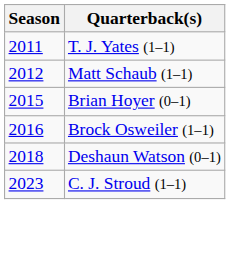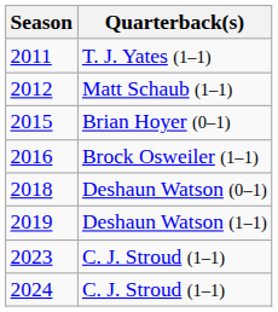 <table class="wikitable">
 <tr>
 <th>Season</th>
 <th>Quarterback(s)</th>
 </tr>
 <tr>
 <td><a href='#'>2011</a></td>
 <td><a href='#'>T. J. Yates</a> <small>(1–1)</small></td>
 </tr>
 <tr>
 <td><a href='#'>2012</a></td>
 <td><a href='#'>Matt Schaub</a> <small>(1–1)</small></td>
 </tr>
 <tr>
 <td><a href='#'>2015</a></td>
 <td><a href='#'>Brian Hoyer</a> <small>(0–1)</small></td>
 </tr>
 <tr>
 <td><a href='#'>2016</a></td>
 <td><a href='#'>Brock Osweiler</a> <small>(1–1)</small></td>
 </tr>
 <tr>
 <td><a href='#'>2018</a></td>
 <td><a href='#'>Deshaun Watson</a> <small>(0–1)</small></td>
 </tr>
 <tr>
+<td><a href='#'>2019</a></td>
+<td><a href='#'>Deshaun Watson</a> <small>(1–1)</small></td>
+</tr>
+<tr>
 <td><a href='#'>2023</a></td>
 <td><a href='#'>C. J. Stroud</a> <small>(1–1)</small></td>
 </tr>
+<tr>
+<td><a href='#'>2024</a></td>
+<td><a href='#'>C. J. Stroud</a> <small>(1–1)</small></td>
+</tr>
 </table>
